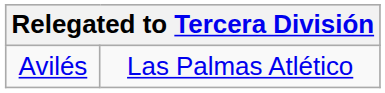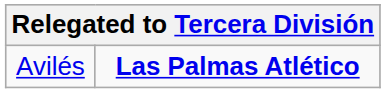 <table class="wikitable" style="text-align: center; margin: 0 auto;">
 <tr>
 <th colspan=2>Relegated to <a href='#'>Tercera División</a></th>
 </tr>
 <tr>
 <td><a href='#'>Avilés</a></td>
-<td><a href='#'>Las Palmas Atlético</a></td>
+<td><strong><a href='#'>Las Palmas Atlético</a></strong></td>
 </tr>
 </table>
